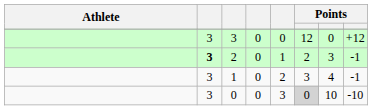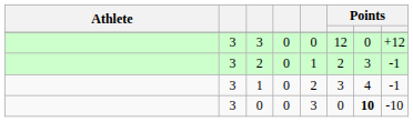 <table class="wikitable" style="text-align: center; font-size:100% ">
 <tr>
 <th rowspan=2 width=250>Athlete</th>
 <th rowspan=2 width=25></th>
 <th rowspan=2 width=25></th>
 <th rowspan=2 width=25></th>
 <th rowspan=2 width=25></th>
 <th colspan=3>Points</th>
 </tr>
 <tr>
 <th width=25></th>
 <th width=25></th>
 <th width=25></th>
 </tr>
 <tr bgcolor="ccffcc">
 </tr>
 <tr bgcolor="ccffcc">
 <td align=left></td>
 <td>3</td>
 <td>3</td>
 <td>0</td>
 <td>0</td>
 <td>12</td>
 <td>0</td>
 <td>+12</td>
 </tr>
 <tr bgcolor="ccffcc">
 <td align=left></td>
-<td><strong>3</strong></td>
+<td>3</td>
 <td>2</td>
 <td>0</td>
 <td>1</td>
 <td>2</td>
 <td>3</td>
 <td>-1</td>
 </tr>
 <tr>
 <td align=left></td>
 <td>3</td>
 <td>1</td>
 <td>0</td>
 <td>2</td>
 <td>3</td>
 <td>4</td>
 <td>-1</td>
 </tr>
 <tr>
 <td align=left></td>
 <td>3</td>
 <td>0</td>
 <td>0</td>
 <td>3</td>
-<td style="background: lightgrey;">0</td>
-<td>10</td>
+<td>0</td>
+<td><strong>10</strong></td>
 <td>-10</td>
 </tr>
 </table>
